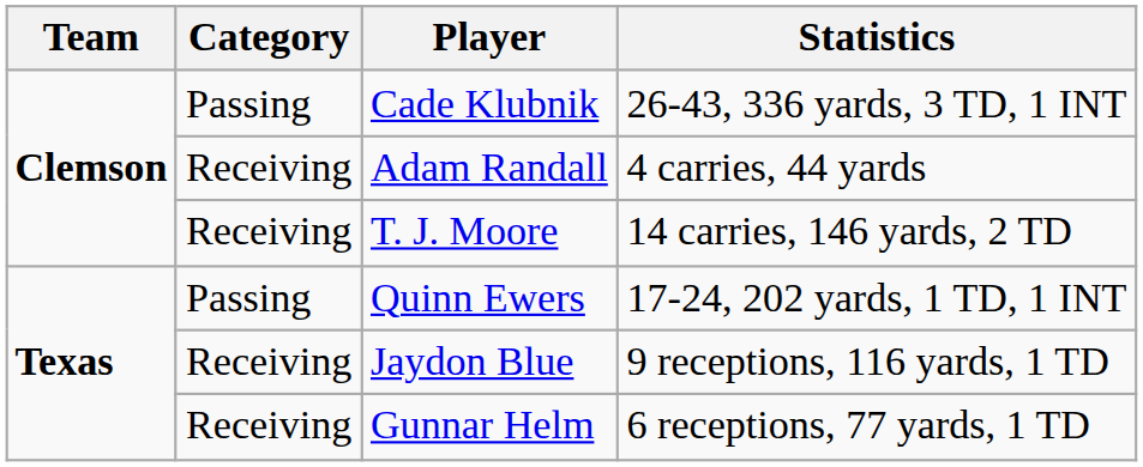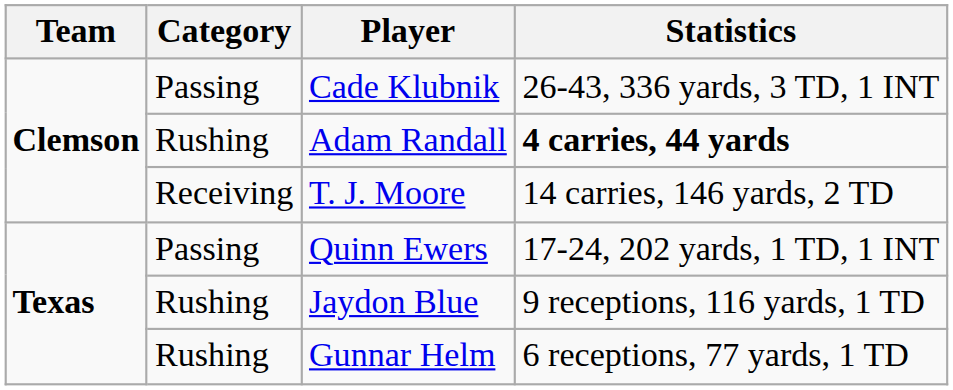 <table class="wikitable" style="float: right;">
 <tr>
 <th>Team</th>
 <th>Category</th>
 <th>Player</th>
 <th>Statistics</th>
 </tr>
 <tr>
 <td rowspan=3><strong>Clemson</strong></td>
 <td>Passing</td>
 <td><a href='#'>Cade Klubnik</a></td>
 <td>26-43, 336 yards, 3 TD, 1 INT</td>
 </tr>
 <tr>
-<td>Receiving</td>
+<td>Rushing</td>
 <td><a href='#'>Adam Randall</a></td>
-<td>4 carries, 44 yards</td>
+<td><strong>4 carries, 44 yards</strong></td>
 </tr>
 <tr>
 <td>Receiving</td>
 <td><a href='#'>T. J. Moore</a></td>
 <td>14 carries, 146 yards, 2 TD</td>
 </tr>
 <tr>
 <td rowspan=3><strong>Texas</strong></td>
 <td>Passing</td>
 <td><a href='#'>Quinn Ewers</a></td>
 <td>17-24, 202 yards, 1 TD, 1 INT</td>
 </tr>
 <tr>
-<td>Receiving</td>
+<td>Rushing</td>
 <td><a href='#'>Jaydon Blue</a></td>
 <td>9 receptions, 116 yards, 1 TD</td>
 </tr>
 <tr>
-<td>Receiving</td>
+<td>Rushing</td>
 <td><a href='#'>Gunnar Helm</a></td>
 <td>6 receptions, 77 yards, 1 TD</td>
 </tr>
 </table>
